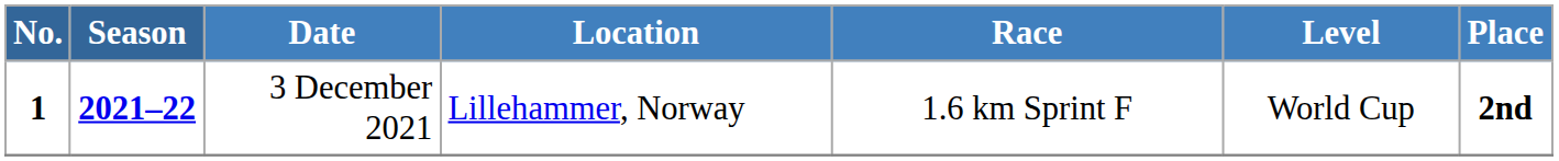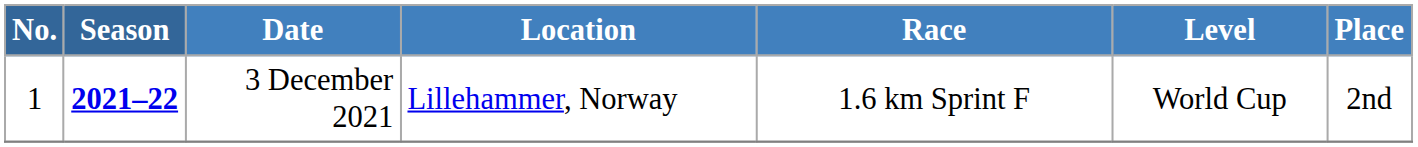 <table class="wikitable sortable" style="font-size:95%; text-align:center; border:grey solid 1px; border-collapse:collapse; background:#ffffff;">
 <tr style="background:#efefef;">
 <th style="background-color:#369; color:white;">No.</th>
 <th style="background-color:#369; color:white;">Season</th>
 <th style="background-color:#4180be; color:white; width:100px;">Date</th>
 <th style="background-color:#4180be; color:white; width:170px;">Location</th>
 <th style="background-color:#4180be; color:white; width:170px;">Race</th>
 <th style="background-color:#4180be; color:white; width:100px;">Level</th>
 <th style="background-color:#4180be; color:white;">Place</th>
 </tr>
 <tr>
-<td align=center><strong>1</strong></td>
+<td align=center>1</td>
 <td rowspan=1 align=center><strong><a href='#'>2021–22</a></strong></td>
 <td align=right>3 December 2021</td>
 <td align=left> <a href='#'>Lillehammer</a>, Norway</td>
 <td>1.6 km Sprint F</td>
 <td>World Cup</td>
-<td><strong>2nd</strong></td>
+<td>2nd</td>
 </tr>
 <tr>
 </tr>
 </table>
